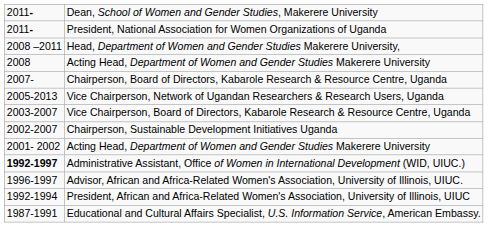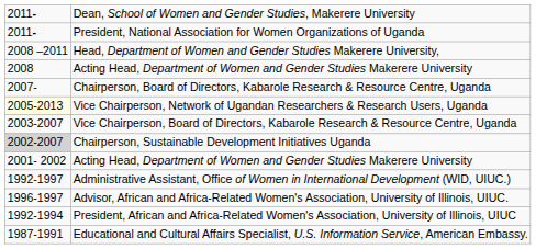 <table class="wikitable">
 <tr>
 <td>2011<strong>-</strong></td>
 <td>Dean, <em>School of Women and Gender Studies</em>, Makerere University</td>
 </tr>
 <tr>
 <td>2011<strong>-</strong></td>
 <td>President, National Association for Women Organizations of Uganda</td>
 </tr>
 <tr>
 <td>2008 –2011</td>
 <td>Head, <em>Department of Women and Gender Studies</em> Makerere University,</td>
 </tr>
 <tr>
 <td>2008</td>
 <td>Acting Head, <em>Department of Women and Gender Studies</em> Makerere University</td>
 </tr>
 <tr>
 <td>2007-  </td>
 <td>Chairperson, Board of Directors, Kabarole Research & Resource Centre, Uganda</td>
 </tr>
 <tr>
-<td>2005-2013</td>
+<td style="background: lightyellow;">2005-2013</td>
 <td>Vice Chairperson, Network of Ugandan Researchers & Research Users, Uganda</td>
 </tr>
 <tr>
 <td>2003-2007</td>
 <td>Vice Chairperson, Board of Directors, Kabarole Research & Resource Centre, Uganda</td>
 </tr>
 <tr>
-<td>2002-2007</td>
+<td style="background: lightgrey;">2002-2007</td>
 <td>Chairperson, Sustainable Development Initiatives Uganda</td>
 </tr>
 <tr>
 <td>2001- 2002</td>
 <td>Acting Head, <em>Department of Women and Gender Studies</em> Makerere University</td>
 </tr>
 <tr>
-<td><strong>1992-1997</strong></td>
+<td>1992-1997</td>
 <td>Administrative Assistant, Office <em>of Women in International Development</em> (WID, UIUC.)</td>
 </tr>
 <tr>
 <td>1996-1997</td>
 <td>Advisor, African and Africa-Related Women's Association, University of Illinois, UIUC.</td>
 </tr>
 <tr>
 <td>1992-1994</td>
 <td>President, African and Africa-Related Women's Association, University of Illinois, UIUC</td>
 </tr>
 <tr>
 <td>1987-1991</td>
 <td>Educational and Cultural Affairs Specialist, <em>U.S. Information Service</em>, American Embassy.</td>
 </tr>
 </table>
